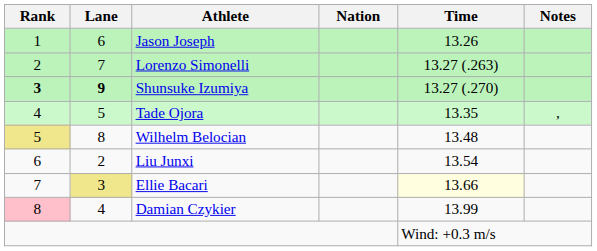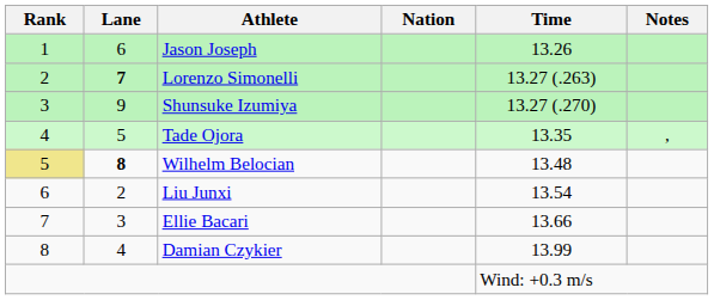 <table class="wikitable sortable" style="text-align:center;width: 70%;">
 <tr>
 <th>Rank</th>
 <th>Lane</th>
 <th>Athlete</th>
 <th>Nation</th>
 <th>Time</th>
 <th>Notes</th>
 </tr>
 <tr bgcolor="#bbf3bb">
 <td>1</td>
 <td>6</td>
 <td align=left><a href='#'>Jason Joseph</a></td>
 <td align=left></td>
 <td>13.26</td>
 <td></td>
 </tr>
 <tr bgcolor="#bbf3bb">
 <td>2</td>
-<td>7</td>
+<td><strong>7</strong></td>
 <td align=left><a href='#'>Lorenzo Simonelli</a></td>
 <td align=left></td>
 <td>13.27 (.263)</td>
 <td></td>
 </tr>
 <tr bgcolor="#bbf3bb">
-<td><strong>3</strong></td>
-<td><strong>9</strong></td>
+<td>3</td>
+<td>9</td>
 <td align=left><a href='#'>Shunsuke Izumiya</a></td>
 <td align=left></td>
 <td>13.27 (.270)</td>
 <td></td>
 </tr>
 <tr bgcolor="#ccf9cc">
 <td>4</td>
 <td>5</td>
 <td align=left><a href='#'>Tade Ojora</a></td>
 <td align=left></td>
 <td>13.35</td>
 <td>, </td>
 </tr>
 <tr>
 <td style="background: khaki;">5</td>
-<td>8</td>
+<td><strong>8</strong></td>
 <td align=left><a href='#'>Wilhelm Belocian</a></td>
 <td align=left></td>
 <td>13.48</td>
 <td></td>
 </tr>
 <tr>
 <td>6</td>
 <td>2</td>
 <td align=left><a href='#'>Liu Junxi</a></td>
 <td align=left></td>
 <td>13.54</td>
 <td></td>
 </tr>
 <tr>
 <td>7</td>
-<td style="background: khaki;">3</td>
+<td>3</td>
 <td align=left><a href='#'>Ellie Bacari</a></td>
 <td align=left></td>
-<td style="background: lightyellow;">13.66</td>
+<td>13.66</td>
 <td></td>
 </tr>
 <tr>
-<td style="background: pink;">8</td>
+<td>8</td>
 <td>4</td>
 <td align=left><a href='#'>Damian Czykier</a></td>
 <td align=left></td>
 <td>13.99</td>
 <td></td>
 </tr>
 <tr class="sortbottom">
 <td colspan="4"></td>
 <td colspan="2" style="text-align:left;">Wind: +0.3 m/s</td>
 </tr>
 </table>
